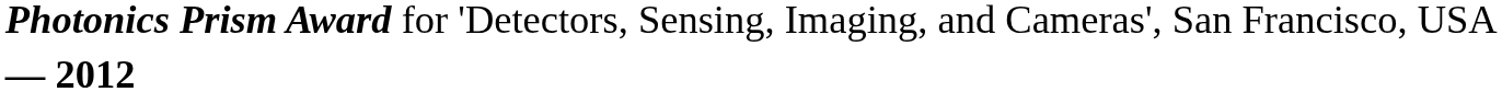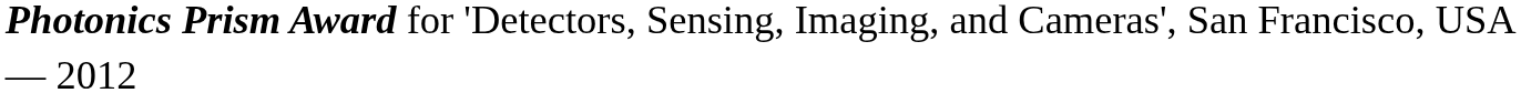 <table>
 <tr>
 <td><strong><em>Photonics Prism Award</em></strong> for 'Detectors, Sensing, Imaging, and Cameras', San Francisco, USA</td>
 </tr>
 <tr>
-<td><strong>— 2012</strong></td>
+<td>— 2012</td>
 </tr>
 </table>
